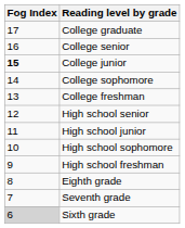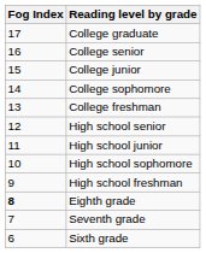 <table class="wikitable floatright">
 <tr>
 <th>Fog Index</th>
 <th>Reading level by grade</th>
 </tr>
 <tr>
 <td>17</td>
 <td>College graduate</td>
 </tr>
 <tr>
 <td>16</td>
 <td>College senior</td>
 </tr>
 <tr>
-<td><strong>15</strong></td>
+<td>15</td>
 <td>College junior</td>
 </tr>
 <tr>
 <td>14</td>
 <td>College sophomore</td>
 </tr>
 <tr>
 <td>13</td>
 <td>College freshman</td>
 </tr>
 <tr>
 <td>12</td>
 <td>High school senior</td>
 </tr>
 <tr>
 <td>11</td>
 <td>High school junior</td>
 </tr>
 <tr>
 <td>10</td>
 <td>High school sophomore</td>
 </tr>
 <tr>
 <td>9</td>
 <td>High school freshman</td>
 </tr>
 <tr>
-<td>8</td>
+<td><strong>8</strong></td>
 <td>Eighth grade</td>
 </tr>
 <tr>
 <td>7</td>
 <td>Seventh grade</td>
 </tr>
 <tr>
-<td style="background: lightgrey;">6</td>
+<td>6</td>
 <td>Sixth grade</td>
 </tr>
 </table>
